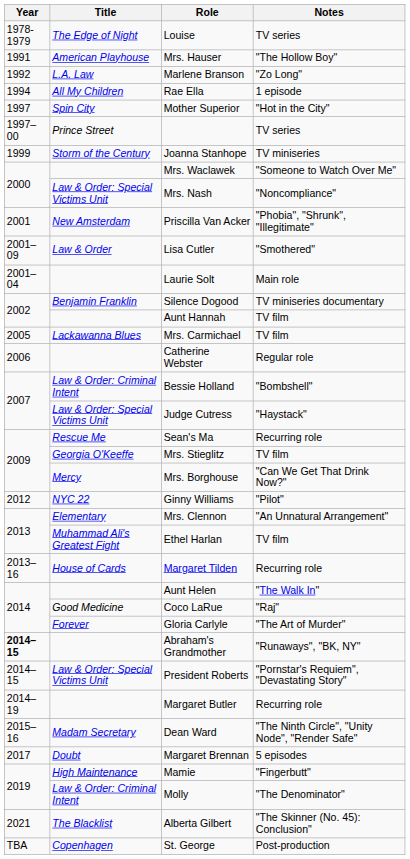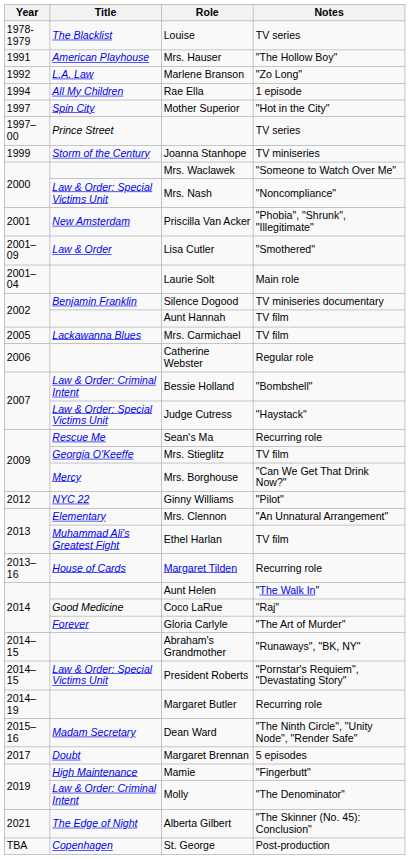 <table class="wikitable sortable">
 <tr>
 <th>Year</th>
 <th>Title</th>
 <th>Role</th>
 <th class="unsortable">Notes</th>
 </tr>
 <tr>
 <td>1978- 1979</td>
-<td><em><a href='#'>The Edge of Night</a></em></td>
+<td><em><a href='#'>The Blacklist</a></em></td>
 <td>Louise</td>
 <td>TV series</td>
 </tr>
 <tr>
 <td>1991</td>
 <td><em><a href='#'>American Playhouse</a></em></td>
 <td>Mrs. Hauser</td>
 <td>"The Hollow Boy"</td>
 </tr>
 <tr>
 <td>1992</td>
 <td><em><a href='#'>L.A. Law</a></em></td>
 <td>Marlene Branson</td>
 <td>"Zo Long"</td>
 </tr>
 <tr>
 <td>1994</td>
 <td><em><a href='#'>All My Children</a></em></td>
 <td>Rae Ella</td>
 <td>1 episode</td>
 </tr>
 <tr>
 <td>1997</td>
 <td><em><a href='#'>Spin City</a></em></td>
 <td>Mother Superior</td>
 <td>"Hot in the City"</td>
 </tr>
 <tr>
 <td>1997–00</td>
 <td><em>Prince Street</em></td>
 <td></td>
 <td>TV series</td>
 </tr>
 <tr>
 <td>1999</td>
 <td><em><a href='#'>Storm of the Century</a></em></td>
 <td>Joanna Stanhope</td>
 <td>TV miniseries</td>
 </tr>
 <tr>
 <td rowspan=2>2000</td>
 <td><em></em></td>
 <td>Mrs. Waclawek</td>
 <td>"Someone to Watch Over Me"</td>
 </tr>
 <tr>
 <td><em><a href='#'>Law & Order: Special Victims Unit</a></em></td>
 <td>Mrs. Nash</td>
 <td>"Noncompliance"</td>
 </tr>
 <tr>
 <td>2001</td>
 <td><em><a href='#'>New Amsterdam</a></em></td>
 <td>Priscilla Van Acker</td>
 <td>"Phobia", "Shrunk", "Illegitimate"</td>
 </tr>
 <tr>
 <td>2001–09</td>
 <td><em><a href='#'>Law & Order</a></em></td>
 <td>Lisa Cutler</td>
 <td>"Smothered"</td>
 </tr>
 <tr>
 <td>2001–04</td>
 <td><em></em></td>
 <td>Laurie Solt</td>
 <td>Main role</td>
 </tr>
 <tr>
 <td rowspan=2>2002</td>
 <td><em><a href='#'>Benjamin Franklin</a></em></td>
 <td>Silence Dogood</td>
 <td>TV miniseries documentary</td>
 </tr>
 <tr>
 <td><em></em></td>
 <td>Aunt Hannah</td>
 <td>TV film</td>
 </tr>
 <tr>
 <td>2005</td>
 <td><em><a href='#'>Lackawanna Blues</a></em></td>
 <td>Mrs. Carmichael</td>
 <td>TV film</td>
 </tr>
 <tr>
 <td>2006</td>
 <td><em></em></td>
 <td>Catherine Webster</td>
 <td>Regular role</td>
 </tr>
 <tr>
 <td rowspan=2>2007</td>
 <td><em><a href='#'>Law & Order: Criminal Intent</a></em></td>
 <td>Bessie Holland</td>
 <td>"Bombshell"</td>
 </tr>
 <tr>
 <td><em><a href='#'>Law & Order: Special Victims Unit</a></em></td>
 <td>Judge Cutress</td>
 <td>"Haystack"</td>
 </tr>
 <tr>
 <td rowspan=3>2009</td>
 <td><em><a href='#'>Rescue Me</a></em></td>
 <td>Sean's Ma</td>
 <td>Recurring role</td>
 </tr>
 <tr>
 <td><em><a href='#'>Georgia O'Keeffe</a></em></td>
 <td>Mrs. Stieglitz</td>
 <td>TV film</td>
 </tr>
 <tr>
 <td><em><a href='#'>Mercy</a></em></td>
 <td>Mrs. Borghouse</td>
 <td>"Can We Get That Drink Now?"</td>
 </tr>
 <tr>
 <td>2012</td>
 <td><em><a href='#'>NYC 22</a></em></td>
 <td>Ginny Williams</td>
 <td>"Pilot"</td>
 </tr>
 <tr>
 <td rowspan=2>2013</td>
 <td><em><a href='#'>Elementary</a></em></td>
 <td>Mrs. Clennon</td>
 <td>"An Unnatural Arrangement"</td>
 </tr>
 <tr>
 <td><em><a href='#'>Muhammad Ali's Greatest Fight</a></em></td>
 <td>Ethel Harlan</td>
 <td>TV film</td>
 </tr>
 <tr>
 <td>2013–16</td>
 <td><em><a href='#'>House of Cards</a></em></td>
 <td><a href='#'>Margaret Tilden</a></td>
 <td>Recurring role</td>
 </tr>
 <tr>
 <td rowspan=3>2014</td>
 <td><em></em></td>
 <td>Aunt Helen</td>
 <td>"<a href='#'>The Walk In</a>"</td>
 </tr>
 <tr>
 <td><em>Good Medicine</em></td>
 <td>Coco LaRue</td>
 <td>"Raj"</td>
 </tr>
 <tr>
 <td><em><a href='#'>Forever</a></em></td>
 <td>Gloria Carlyle</td>
 <td>"The Art of Murder"</td>
 </tr>
 <tr>
-<td><strong>2014–15</strong></td>
+<td>2014–15</td>
 <td><em></em></td>
 <td>Abraham's Grandmother</td>
 <td>"Runaways", "BK, NY"</td>
 </tr>
 <tr>
 <td>2014–15</td>
 <td><em><a href='#'>Law & Order: Special Victims Unit</a></em></td>
 <td>President Roberts</td>
 <td>"Pornstar's Requiem", "Devastating Story"</td>
 </tr>
 <tr>
 <td>2014–19</td>
 <td><em></em></td>
 <td>Margaret Butler</td>
 <td>Recurring role</td>
 </tr>
 <tr>
 <td>2015–16</td>
 <td><em><a href='#'>Madam Secretary</a></em></td>
 <td>Dean Ward</td>
 <td>"The Ninth Circle", "Unity Node", "Render Safe"</td>
 </tr>
 <tr>
 <td>2017</td>
 <td><em><a href='#'>Doubt</a></em></td>
 <td>Margaret Brennan</td>
 <td>5 episodes</td>
 </tr>
 <tr>
 <td rowspan=2>2019</td>
 <td><em><a href='#'>High Maintenance</a></em></td>
 <td>Mamie</td>
 <td>"Fingerbutt"</td>
 </tr>
 <tr>
 <td><em><a href='#'>Law & Order: Criminal Intent</a></em></td>
 <td>Molly</td>
 <td>"The Denominator"</td>
 </tr>
 <tr>
 <td>2021</td>
-<td><em><a href='#'>The Blacklist</a></em></td>
+<td><em><a href='#'>The Edge of Night</a></em></td>
 <td>Alberta Gilbert</td>
 <td>"The Skinner (No. 45): Conclusion"</td>
 </tr>
 <tr>
 <td>TBA</td>
 <td><em><a href='#'>Copenhagen</a></em></td>
 <td>St. George</td>
 <td>Post-production</td>
 </tr>
 </table>
